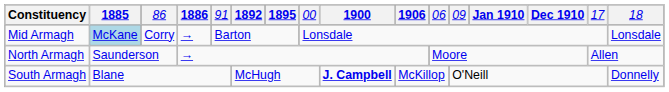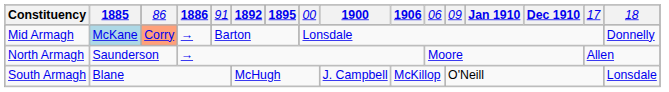 <table class="wikitable" style="border-collapse: separate; border-spacing: 0;">
 <tr>
 <th>Constituency</th>
 <th><a href='#'>1885</a></th>
 <th style="font-weight: normal;"><em><a href='#'>86</a></em></th>
 <th><a href='#'>1886</a></th>
 <th style="font-weight: normal;"><em><a href='#'>91</a></em></th>
 <th><a href='#'>1892</a></th>
 <th><a href='#'>1895</a></th>
 <th style="font-weight: normal;"><em><a href='#'>00</a></em></th>
 <th><a href='#'>1900</a></th>
 <th><a href='#'>1906</a></th>
 <th style="font-weight: normal;"><em><a href='#'>06</a></em></th>
 <th style="font-weight: normal;"><em><a href='#'>09</a></em></th>
 <th><a href='#'>Jan 1910</a></th>
 <th><a href='#'>Dec 1910</a></th>
 <th style="font-weight: normal;"><em><a href='#'>17</a></em></th>
 <th style="font-weight: normal;"><em><a href='#'>18</a></em></th>
 </tr>
 <tr>
 <td><a href='#'>Mid Armagh</a></td>
 <td style="background: lightblue;"><a href='#'>McKane</a></td>
-<td><a href='#'>Corry</a></td>
+<td style="background: lightsalmon;"><a href='#'>Corry</a></td>
 <td><a href='#'>→</a></td>
 <td colspan="3"><a href='#'>Barton</a></td>
 <td colspan="8"><a href='#'>Lonsdale</a></td>
-<td><a href='#'>Lonsdale</a></td>
+<td><a href='#'>Donnelly</a></td>
 </tr>
 <tr>
 <td><a href='#'>North Armagh</a></td>
 <td colspan="2"><a href='#'>Saunderson</a></td>
 <td colspan="7"><a href='#'>→</a></td>
 <td colspan="4"><a href='#'>Moore</a></td>
 <td colspan="2"><a href='#'>Allen</a></td>
 </tr>
 <tr>
 <td><a href='#'>South Armagh</a></td>
 <td colspan="4"><a href='#'>Blane</a></td>
 <td colspan="3"><a href='#'>McHugh</a></td>
-<td><strong><a href='#'>J. Campbell</a></strong></td>
+<td><a href='#'>J. Campbell</a></td>
 <td colspan="2"><a href='#'>McKillop</a></td>
 <td colspan="4">O'Neill</td>
-<td><a href='#'>Donnelly</a></td>
+<td><a href='#'>Lonsdale</a></td>
 </tr>
 </table>
